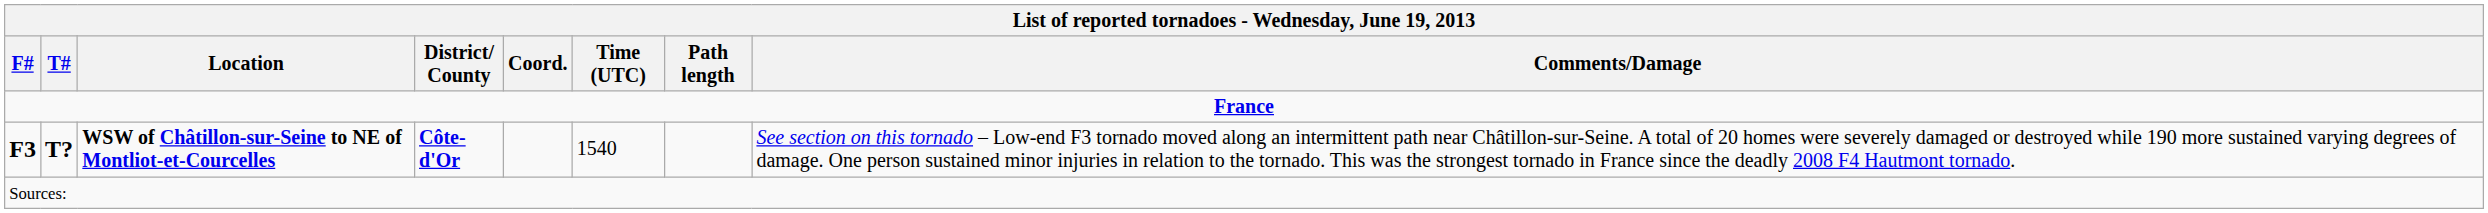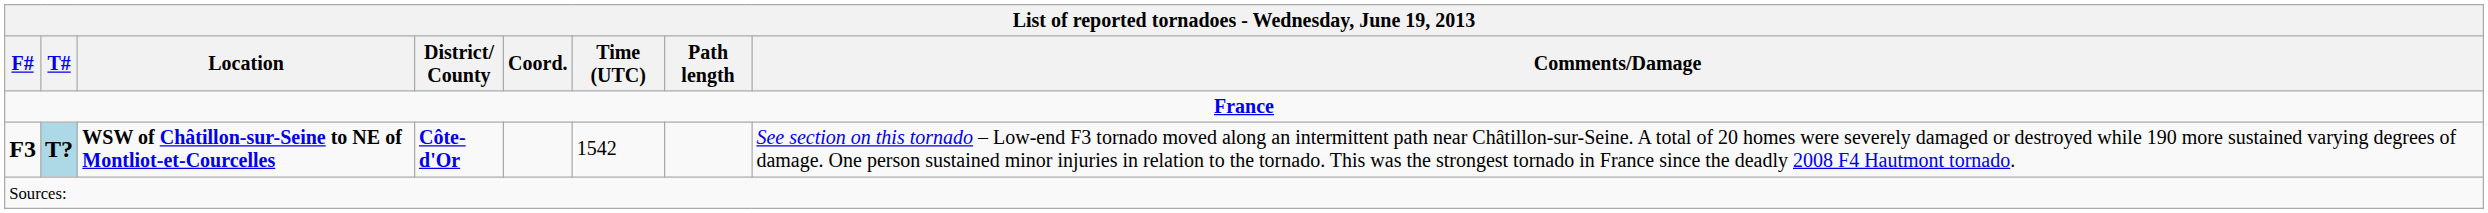 <table class="wikitable collapsible" width="100%">
 <tr>
 <th colspan="8">List of reported tornadoes - Wednesday, June 19, 2013</th>
 </tr>
 <tr>
 <th><a href='#'>F#</a></th>
 <th><a href='#'>T#</a></th>
 <th>Location</th>
 <th>District/<br>County</th>
 <th>Coord.</th>
 <th>Time (UTC)</th>
 <th>Path length</th>
 <th>Comments/Damage</th>
 </tr>
 <tr>
 <td colspan="8" align=center><strong><a href='#'>France</a></strong></td>
 </tr>
 <tr>
 <td><big><strong>F3</strong></big></td>
-<td><big><strong>T?</strong></big></td>
+<td style="background: lightblue;"><big><strong>T?</strong></big></td>
 <td><strong>WSW of <a href='#'>Châtillon-sur-Seine</a> to NE of <a href='#'>Montliot-et-Courcelles</a></strong></td>
 <td><strong><a href='#'>Côte-d'Or</a></strong></td>
 <td></td>
-<td>1540</td>
+<td>1542</td>
 <td></td>
 <td><em><a href='#'>See section on this tornado</a></em> – Low-end F3 tornado moved along an intermittent path near Châtillon-sur-Seine. A total of 20 homes were severely damaged or destroyed while 190 more sustained varying degrees of damage. One person sustained minor injuries in relation to the tornado. This was the strongest tornado in France since the deadly <a href='#'>2008 F4 Hautmont tornado</a>.</td>
 </tr>
 <tr>
 <td colspan="8"><small>Sources:  </small></td>
 </tr>
 </table>
